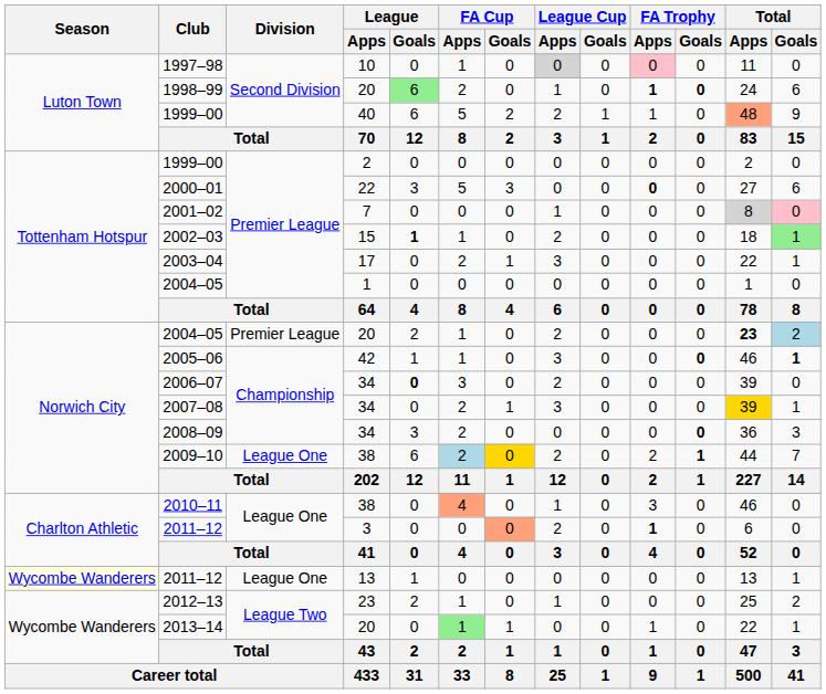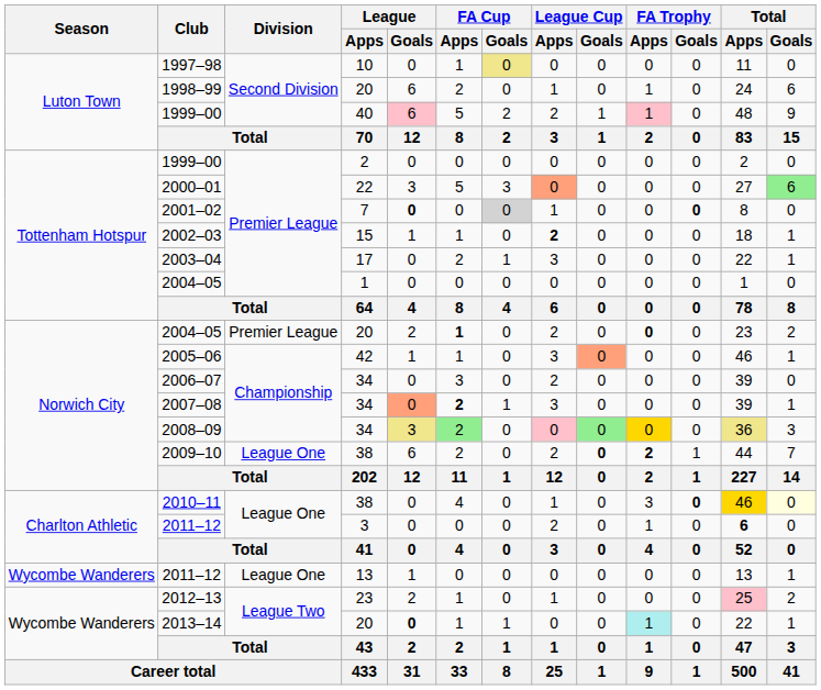 <table class="wikitable" style="text-align:center">
 <tr>
 <th rowspan="2">Season</th>
 <th rowspan="2">Club</th>
 <th rowspan="2">Division</th>
 <th colspan="2">League</th>
 <th colspan="2"><a href='#'>FA Cup</a></th>
 <th colspan="2"><a href='#'>League Cup</a></th>
 <th colspan="2"><a href='#'>FA Trophy</a></th>
 <th colspan="2">Total</th>
 </tr>
 <tr>
 <th>Apps</th>
 <th>Goals</th>
 <th>Apps</th>
 <th>Goals</th>
 <th>Apps</th>
 <th>Goals</th>
 <th>Apps</th>
 <th>Goals</th>
 <th>Apps</th>
 <th>Goals</th>
 </tr>
 <tr>
 <td rowspan="4"><a href='#'>Luton Town</a></td>
 <td>1997–98</td>
 <td rowspan="3"><a href='#'>Second Division</a></td>
 <td>10</td>
 <td>0</td>
 <td>1</td>
+<td style="background: khaki;">0</td>
 <td>0</td>
-<td style="background: lightgrey;">0</td>
 <td>0</td>
-<td style="background: pink;">0</td>
+<td>0</td>
 <td>0</td>
 <td>11</td>
 <td>0</td>
 </tr>
 <tr>
 <td>1998–99</td>
 <td>20</td>
-<td style="background: lightgreen;">6</td>
+<td>6</td>
 <td>2</td>
 <td>0</td>
 <td>1</td>
 <td>0</td>
-<td><strong>1</strong></td>
-<td><strong>0</strong></td>
+<td>1</td>
+<td>0</td>
 <td>24</td>
 <td>6</td>
 </tr>
 <tr>
 <td>1999–00</td>
 <td>40</td>
-<td>6</td>
+<td style="background: pink;">6</td>
 <td>5</td>
 <td>2</td>
 <td>2</td>
 <td>1</td>
-<td>1</td>
+<td style="background: pink;">1</td>
 <td>0</td>
-<td style="background: lightsalmon;">48</td>
+<td>48</td>
 <td>9</td>
 </tr>
 <tr>
 <th colspan="2">Total</th>
 <th>70</th>
 <th>12</th>
 <th>8</th>
 <th>2</th>
 <th>3</th>
 <th>1</th>
 <th>2</th>
 <th>0</th>
 <th>83</th>
 <th>15</th>
 </tr>
 <tr>
 <td rowspan="7"><a href='#'>Tottenham Hotspur</a></td>
 <td>1999–00</td>
 <td rowspan="6"><a href='#'>Premier League</a></td>
 <td>2</td>
 <td>0</td>
 <td>0</td>
 <td>0</td>
 <td>0</td>
 <td>0</td>
 <td>0</td>
 <td>0</td>
 <td>2</td>
 <td>0</td>
 </tr>
 <tr>
 <td>2000–01</td>
 <td>22</td>
 <td>3</td>
 <td>5</td>
 <td>3</td>
+<td style="background: lightsalmon;">0</td>
 <td>0</td>
 <td>0</td>
-<td><strong>0</strong></td>
 <td>0</td>
 <td>27</td>
-<td>6</td>
+<td style="background: lightgreen;">6</td>
 </tr>
 <tr>
 <td>2001–02</td>
 <td>7</td>
+<td><strong>0</strong></td>
 <td>0</td>
-<td>0</td>
-<td>0</td>
+<td style="background: lightgrey;">0</td>
 <td>1</td>
 <td>0</td>
 <td>0</td>
+<td><strong>0</strong></td>
+<td>8</td>
 <td>0</td>
-<td style="background: lightgrey;">8</td>
-<td style="background: pink;">0</td>
 </tr>
 <tr>
 <td>2002–03</td>
 <td>15</td>
-<td><strong>1</strong></td>
+<td>1</td>
 <td>1</td>
 <td>0</td>
-<td>2</td>
+<td><strong>2</strong></td>
 <td>0</td>
 <td>0</td>
 <td>0</td>
 <td>18</td>
-<td style="background: lightgreen;">1</td>
+<td>1</td>
 </tr>
 <tr>
 <td>2003–04</td>
 <td>17</td>
 <td>0</td>
 <td>2</td>
 <td>1</td>
 <td>3</td>
 <td>0</td>
 <td>0</td>
 <td>0</td>
 <td>22</td>
 <td>1</td>
 </tr>
 <tr>
 <td>2004–05</td>
 <td>1</td>
 <td>0</td>
 <td>0</td>
 <td>0</td>
 <td>0</td>
 <td>0</td>
 <td>0</td>
 <td>0</td>
 <td>1</td>
 <td>0</td>
 </tr>
 <tr>
 <th colspan="2">Total</th>
 <th>64</th>
 <th>4</th>
 <th>8</th>
 <th>4</th>
 <th>6</th>
 <th>0</th>
 <th>0</th>
 <th>0</th>
 <th>78</th>
 <th>8</th>
 </tr>
 <tr>
 <td rowspan="7"><a href='#'>Norwich City</a></td>
 <td>2004–05</td>
 <td>Premier League</td>
 <td>20</td>
 <td>2</td>
-<td>1</td>
+<td><strong>1</strong></td>
 <td>0</td>
 <td>2</td>
 <td>0</td>
+<td><strong>0</strong></td>
 <td>0</td>
-<td>0</td>
-<td><strong>23</strong></td>
-<td style="background: lightblue;">2</td>
+<td>23</td>
+<td>2</td>
 </tr>
 <tr>
 <td>2005–06</td>
 <td rowspan="4"><a href='#'>Championship</a></td>
 <td>42</td>
 <td>1</td>
 <td>1</td>
 <td>0</td>
 <td>3</td>
+<td style="background: lightsalmon;">0</td>
 <td>0</td>
 <td>0</td>
-<td><strong>0</strong></td>
 <td>46</td>
-<td><strong>1</strong></td>
+<td>1</td>
 </tr>
 <tr>
 <td>2006–07</td>
 <td>34</td>
-<td><strong>0</strong></td>
+<td>0</td>
 <td>3</td>
 <td>0</td>
 <td>2</td>
 <td>0</td>
 <td>0</td>
 <td>0</td>
 <td>39</td>
 <td>0</td>
 </tr>
 <tr>
 <td>2007–08</td>
 <td>34</td>
-<td>0</td>
-<td>2</td>
+<td style="background: lightsalmon;">0</td>
+<td><strong>2</strong></td>
 <td>1</td>
 <td>3</td>
 <td>0</td>
 <td>0</td>
 <td>0</td>
-<td style="background: gold;">39</td>
+<td>39</td>
 <td>1</td>
 </tr>
 <tr>
 <td>2008–09</td>
 <td>34</td>
-<td>3</td>
-<td>2</td>
+<td style="background: khaki;">3</td>
+<td style="background: lightgreen;">2</td>
 <td>0</td>
+<td style="background: pink;">0</td>
+<td style="background: lightgreen;">0</td>
+<td style="background: gold;">0</td>
 <td>0</td>
-<td>0</td>
-<td>0</td>
-<td><strong>0</strong></td>
-<td>36</td>
+<td style="background: khaki;">36</td>
 <td>3</td>
 </tr>
 <tr>
 <td>2009–10</td>
 <td><a href='#'>League One</a></td>
 <td>38</td>
 <td>6</td>
-<td style="background: lightblue;">2</td>
-<td style="background: gold;">0</td>
 <td>2</td>
 <td>0</td>
 <td>2</td>
-<td><strong>1</strong></td>
+<td><strong>0</strong></td>
+<td><strong>2</strong></td>
+<td>1</td>
 <td>44</td>
 <td>7</td>
 </tr>
 <tr>
 <th colspan="2">Total</th>
 <th>202</th>
 <th>12</th>
 <th>11</th>
 <th>1</th>
 <th>12</th>
 <th>0</th>
 <th>2</th>
 <th>1</th>
 <th>227</th>
 <th>14</th>
 </tr>
 <tr>
 <td rowspan="3"><a href='#'>Charlton Athletic</a></td>
 <td><a href='#'>2010–11</a></td>
 <td rowspan="2">League One</td>
 <td>38</td>
 <td>0</td>
-<td style="background: lightsalmon;">4</td>
+<td>4</td>
 <td>0</td>
 <td>1</td>
 <td>0</td>
 <td>3</td>
-<td>0</td>
-<td>46</td>
-<td>0</td>
+<td><strong>0</strong></td>
+<td style="background: gold;">46</td>
+<td style="background: lightyellow;">0</td>
 </tr>
 <tr>
 <td><a href='#'>2011–12</a></td>
 <td>3</td>
 <td>0</td>
 <td>0</td>
-<td style="background: lightsalmon;">0</td>
+<td>0</td>
 <td>2</td>
 <td>0</td>
-<td><strong>1</strong></td>
+<td>1</td>
 <td>0</td>
-<td>6</td>
+<td><strong>6</strong></td>
 <td>0</td>
 </tr>
 <tr>
 <th colspan="2">Total</th>
 <th>41</th>
 <th>0</th>
 <th>4</th>
 <th>0</th>
 <th>3</th>
 <th>0</th>
 <th>4</th>
 <th>0</th>
 <th>52</th>
 <th>0</th>
 </tr>
 <tr>
-<td style="background: lightyellow;"><a href='#'>Wycombe Wanderers</a></td>
+<td><a href='#'>Wycombe Wanderers</a></td>
 <td>2011–12</td>
 <td>League One</td>
 <td>13</td>
 <td>1</td>
 <td>0</td>
 <td>0</td>
 <td>0</td>
 <td>0</td>
 <td>0</td>
 <td>0</td>
 <td>13</td>
 <td>1</td>
 </tr>
 <tr>
 <td rowspan="3">Wycombe Wanderers</td>
 <td>2012–13</td>
 <td rowspan="2"><a href='#'>League Two</a></td>
 <td>23</td>
 <td>2</td>
 <td>1</td>
 <td>0</td>
 <td>1</td>
 <td>0</td>
 <td>0</td>
 <td>0</td>
-<td>25</td>
+<td style="background: pink;">25</td>
 <td>2</td>
 </tr>
 <tr>
 <td>2013–14</td>
 <td>20</td>
-<td>0</td>
-<td style="background: lightgreen;">1</td>
+<td><strong>0</strong></td>
+<td>1</td>
 <td>1</td>
 <td>0</td>
 <td>0</td>
-<td>1</td>
+<td style="background: paleturquoise;">1</td>
 <td>0</td>
 <td>22</td>
 <td>1</td>
 </tr>
 <tr>
 <th colspan="2">Total</th>
 <th>43</th>
 <th>2</th>
 <th>2</th>
 <th>1</th>
 <th>1</th>
 <th>0</th>
 <th>1</th>
 <th>0</th>
 <th>47</th>
 <th>3</th>
 </tr>
 <tr>
 <th colspan="3">Career total</th>
 <th>433</th>
 <th>31</th>
 <th>33</th>
 <th>8</th>
 <th>25</th>
 <th>1</th>
 <th>9</th>
 <th>1</th>
 <th>500</th>
 <th>41</th>
 </tr>
 </table>
